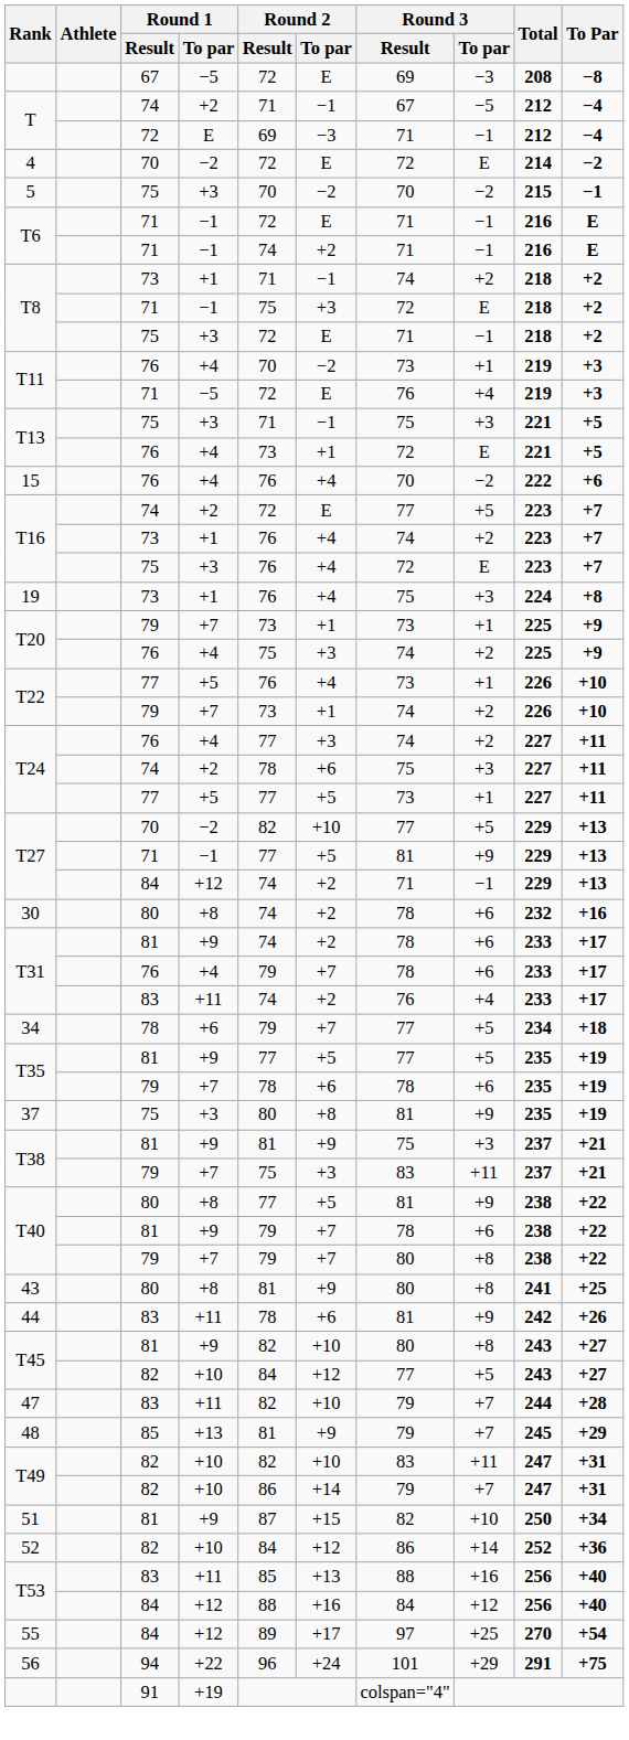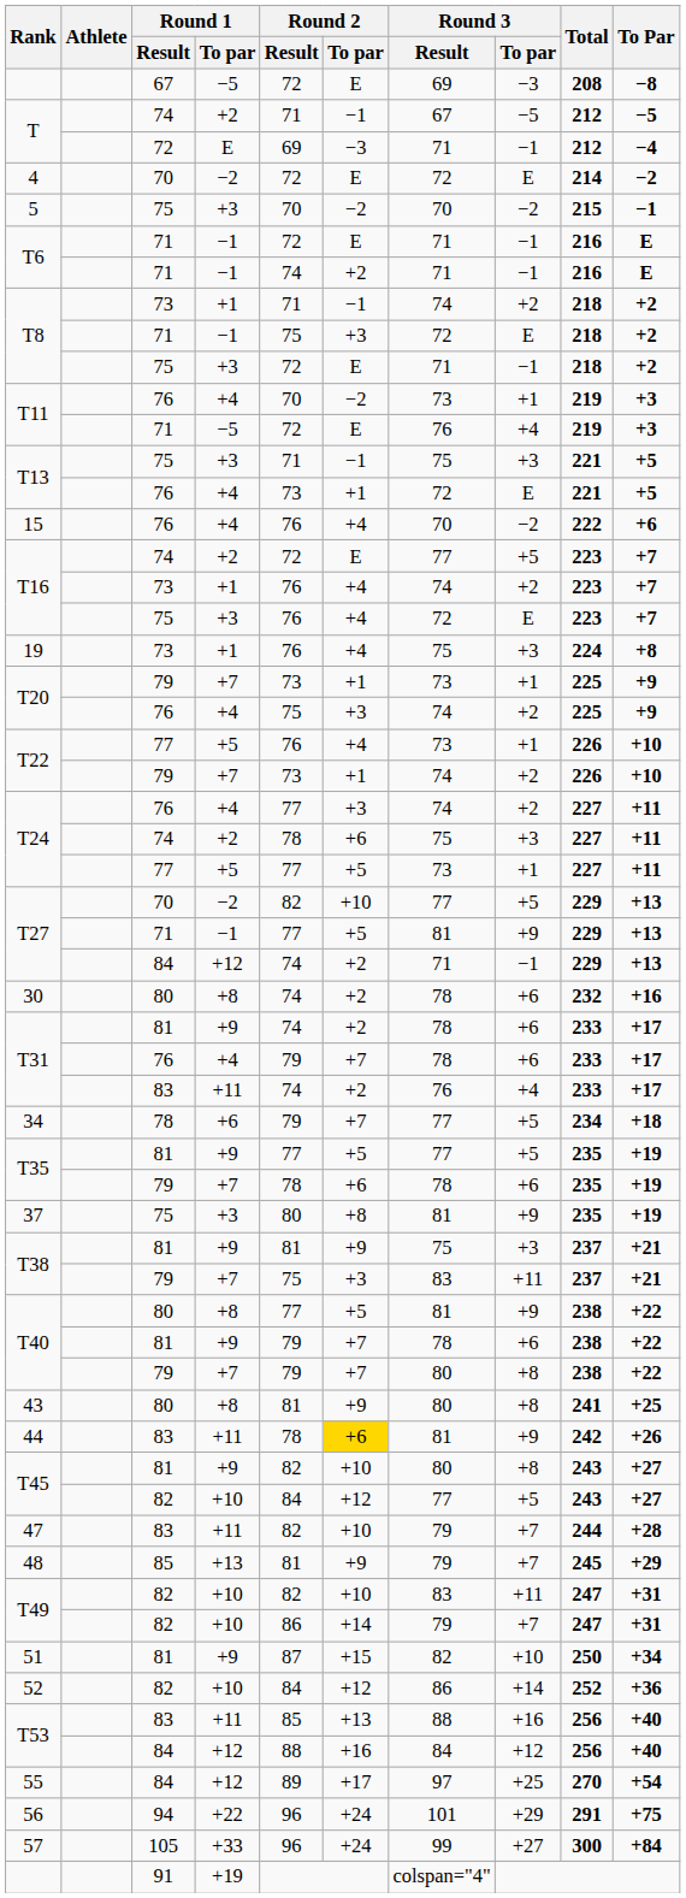 <table class="wikitable" style="text-align:center">
 <tr>
 <th rowspan="2">Rank</th>
 <th rowspan="2">Athlete</th>
 <th colspan="2">Round 1</th>
 <th colspan="2">Round 2</th>
 <th colspan="2">Round 3</th>
 <th rowspan="2">Total</th>
 <th rowspan="2">To Par</th>
 </tr>
 <tr>
 <th>Result</th>
 <th>To par</th>
 <th>Result</th>
 <th>To par</th>
 <th>Result</th>
 <th>To par</th>
 </tr>
 <tr>
 <td></td>
 <td align="left"></td>
 <td>67</td>
 <td>−5</td>
 <td>72</td>
 <td>E</td>
 <td>69</td>
 <td>−3</td>
 <td><strong>208</strong></td>
 <td><strong>−8</strong></td>
 </tr>
 <tr>
 <td rowspan="2">T</td>
 <td align="left"></td>
 <td>74</td>
 <td>+2</td>
 <td>71</td>
 <td>−1</td>
 <td>67</td>
 <td>−5</td>
 <td><strong>212</strong></td>
-<td><strong>−4</strong></td>
+<td><strong>−5</strong></td>
 </tr>
 <tr>
 <td align="left"></td>
 <td>72</td>
 <td>E</td>
 <td>69</td>
 <td>−3</td>
 <td>71</td>
 <td>−1</td>
 <td><strong>212</strong></td>
 <td><strong>−4</strong></td>
 </tr>
 <tr>
 <td>4</td>
 <td align="left"></td>
 <td>70</td>
 <td>−2</td>
 <td>72</td>
 <td>E</td>
 <td>72</td>
 <td>E</td>
 <td><strong>214</strong></td>
 <td><strong>−2</strong></td>
 </tr>
 <tr>
 <td>5</td>
 <td align="left"></td>
 <td>75</td>
 <td>+3</td>
 <td>70</td>
 <td>−2</td>
 <td>70</td>
 <td>−2</td>
 <td><strong>215</strong></td>
 <td><strong>−1</strong></td>
 </tr>
 <tr>
 <td rowspan="2">T6</td>
 <td align="left"></td>
 <td>71</td>
 <td>−1</td>
 <td>72</td>
 <td>E</td>
 <td>71</td>
 <td>−1</td>
 <td><strong>216</strong></td>
 <td><strong>E</strong></td>
 </tr>
 <tr>
 <td align="left"></td>
 <td>71</td>
 <td>−1</td>
 <td>74</td>
 <td>+2</td>
 <td>71</td>
 <td>−1</td>
 <td><strong>216</strong></td>
 <td><strong>E</strong></td>
 </tr>
 <tr>
 <td rowspan="3">T8</td>
 <td align="left"></td>
 <td>73</td>
 <td>+1</td>
 <td>71</td>
 <td>−1</td>
 <td>74</td>
 <td>+2</td>
 <td><strong>218</strong></td>
 <td><strong>+2</strong></td>
 </tr>
 <tr>
 <td align="left"></td>
 <td>71</td>
 <td>−1</td>
 <td>75</td>
 <td>+3</td>
 <td>72</td>
 <td>E</td>
 <td><strong>218</strong></td>
 <td><strong>+2</strong></td>
 </tr>
 <tr>
 <td align="left"></td>
 <td>75</td>
 <td>+3</td>
 <td>72</td>
 <td>E</td>
 <td>71</td>
 <td>−1</td>
 <td><strong>218</strong></td>
 <td><strong>+2</strong></td>
 </tr>
 <tr>
 <td rowspan="2">T11</td>
 <td align="left"></td>
 <td>76</td>
 <td>+4</td>
 <td>70</td>
 <td>−2</td>
 <td>73</td>
 <td>+1</td>
 <td><strong>219</strong></td>
 <td><strong>+3</strong></td>
 </tr>
 <tr>
 <td align="left"></td>
 <td>71</td>
 <td>−5</td>
 <td>72</td>
 <td>E</td>
 <td>76</td>
 <td>+4</td>
 <td><strong>219</strong></td>
 <td><strong>+3</strong></td>
 </tr>
 <tr>
 <td rowspan="2">T13</td>
 <td align="left"></td>
 <td>75</td>
 <td>+3</td>
 <td>71</td>
 <td>−1</td>
 <td>75</td>
 <td>+3</td>
 <td><strong>221</strong></td>
 <td><strong>+5</strong></td>
 </tr>
 <tr>
 <td align="left"></td>
 <td>76</td>
 <td>+4</td>
 <td>73</td>
 <td>+1</td>
 <td>72</td>
 <td>E</td>
 <td><strong>221</strong></td>
 <td><strong>+5</strong></td>
 </tr>
 <tr>
 <td>15</td>
 <td align="left"></td>
 <td>76</td>
 <td>+4</td>
 <td>76</td>
 <td>+4</td>
 <td>70</td>
 <td>−2</td>
 <td><strong>222</strong></td>
 <td><strong>+6</strong></td>
 </tr>
 <tr>
 <td rowspan="3">T16</td>
 <td align="left"></td>
 <td>74</td>
 <td>+2</td>
 <td>72</td>
 <td>E</td>
 <td>77</td>
 <td>+5</td>
 <td><strong>223</strong></td>
 <td><strong>+7</strong></td>
 </tr>
 <tr>
 <td align="left"></td>
 <td>73</td>
 <td>+1</td>
 <td>76</td>
 <td>+4</td>
 <td>74</td>
 <td>+2</td>
 <td><strong>223</strong></td>
 <td><strong>+7</strong></td>
 </tr>
 <tr>
 <td align="left"></td>
 <td>75</td>
 <td>+3</td>
 <td>76</td>
 <td>+4</td>
 <td>72</td>
 <td>E</td>
 <td><strong>223</strong></td>
 <td><strong>+7</strong></td>
 </tr>
 <tr>
 <td>19</td>
 <td align="left"></td>
 <td>73</td>
 <td>+1</td>
 <td>76</td>
 <td>+4</td>
 <td>75</td>
 <td>+3</td>
 <td><strong>224</strong></td>
 <td><strong>+8</strong></td>
 </tr>
 <tr>
 <td rowspan="2">T20</td>
 <td align="left"></td>
 <td>79</td>
 <td>+7</td>
 <td>73</td>
 <td>+1</td>
 <td>73</td>
 <td>+1</td>
 <td><strong>225</strong></td>
 <td><strong>+9</strong></td>
 </tr>
 <tr>
 <td align="left"></td>
 <td>76</td>
 <td>+4</td>
 <td>75</td>
 <td>+3</td>
 <td>74</td>
 <td>+2</td>
 <td><strong>225</strong></td>
 <td><strong>+9</strong></td>
 </tr>
 <tr>
 <td rowspan="2">T22</td>
 <td align="left"></td>
 <td>77</td>
 <td>+5</td>
 <td>76</td>
 <td>+4</td>
 <td>73</td>
 <td>+1</td>
 <td><strong>226</strong></td>
 <td><strong>+10</strong></td>
 </tr>
 <tr>
 <td align="left"></td>
 <td>79</td>
 <td>+7</td>
 <td>73</td>
 <td>+1</td>
 <td>74</td>
 <td>+2</td>
 <td><strong>226</strong></td>
 <td><strong>+10</strong></td>
 </tr>
 <tr>
 <td rowspan="3">T24</td>
 <td align="left"></td>
 <td>76</td>
 <td>+4</td>
 <td>77</td>
 <td>+3</td>
 <td>74</td>
 <td>+2</td>
 <td><strong>227</strong></td>
 <td><strong>+11</strong></td>
 </tr>
 <tr>
 <td align="left"></td>
 <td>74</td>
 <td>+2</td>
 <td>78</td>
 <td>+6</td>
 <td>75</td>
 <td>+3</td>
 <td><strong>227</strong></td>
 <td><strong>+11</strong></td>
 </tr>
 <tr>
 <td align="left"></td>
 <td>77</td>
 <td>+5</td>
 <td>77</td>
 <td>+5</td>
 <td>73</td>
 <td>+1</td>
 <td><strong>227</strong></td>
 <td><strong>+11</strong></td>
 </tr>
 <tr>
 <td rowspan="3">T27</td>
 <td align="left"></td>
 <td>70</td>
 <td>−2</td>
 <td>82</td>
 <td>+10</td>
 <td>77</td>
 <td>+5</td>
 <td><strong>229</strong></td>
 <td><strong>+13</strong></td>
 </tr>
 <tr>
 <td align="left"></td>
 <td>71</td>
 <td>−1</td>
 <td>77</td>
 <td>+5</td>
 <td>81</td>
 <td>+9</td>
 <td><strong>229</strong></td>
 <td><strong>+13</strong></td>
 </tr>
 <tr>
 <td align="left"></td>
 <td>84</td>
 <td>+12</td>
 <td>74</td>
 <td>+2</td>
 <td>71</td>
 <td>−1</td>
 <td><strong>229</strong></td>
 <td><strong>+13</strong></td>
 </tr>
 <tr>
 <td>30</td>
 <td align="left"></td>
 <td>80</td>
 <td>+8</td>
 <td>74</td>
 <td>+2</td>
 <td>78</td>
 <td>+6</td>
 <td><strong>232</strong></td>
 <td><strong>+16</strong></td>
 </tr>
 <tr>
 <td rowspan="3">T31</td>
 <td align="left"></td>
 <td>81</td>
 <td>+9</td>
 <td>74</td>
 <td>+2</td>
 <td>78</td>
 <td>+6</td>
 <td><strong>233</strong></td>
 <td><strong>+17</strong></td>
 </tr>
 <tr>
 <td align="left"></td>
 <td>76</td>
 <td>+4</td>
 <td>79</td>
 <td>+7</td>
 <td>78</td>
 <td>+6</td>
 <td><strong>233</strong></td>
 <td><strong>+17</strong></td>
 </tr>
 <tr>
 <td align="left"></td>
 <td>83</td>
 <td>+11</td>
 <td>74</td>
 <td>+2</td>
 <td>76</td>
 <td>+4</td>
 <td><strong>233</strong></td>
 <td><strong>+17</strong></td>
 </tr>
 <tr>
 <td>34</td>
 <td align="left"></td>
 <td>78</td>
 <td>+6</td>
 <td>79</td>
 <td>+7</td>
 <td>77</td>
 <td>+5</td>
 <td><strong>234</strong></td>
 <td><strong>+18</strong></td>
 </tr>
 <tr>
 <td rowspan="2">T35</td>
 <td align="left"></td>
 <td>81</td>
 <td>+9</td>
 <td>77</td>
 <td>+5</td>
 <td>77</td>
 <td>+5</td>
 <td><strong>235</strong></td>
 <td><strong>+19</strong></td>
 </tr>
 <tr>
 <td align="left"></td>
 <td>79</td>
 <td>+7</td>
 <td>78</td>
 <td>+6</td>
 <td>78</td>
 <td>+6</td>
 <td><strong>235</strong></td>
 <td><strong>+19</strong></td>
 </tr>
 <tr>
 <td>37</td>
 <td align="left"></td>
 <td>75</td>
 <td>+3</td>
 <td>80</td>
 <td>+8</td>
 <td>81</td>
 <td>+9</td>
 <td><strong>235</strong></td>
 <td><strong>+19</strong></td>
 </tr>
 <tr>
 <td rowspan="2">T38</td>
 <td align="left"></td>
 <td>81</td>
 <td>+9</td>
 <td>81</td>
 <td>+9</td>
 <td>75</td>
 <td>+3</td>
 <td><strong>237</strong></td>
 <td><strong>+21</strong></td>
 </tr>
 <tr>
 <td align="left"></td>
 <td>79</td>
 <td>+7</td>
 <td>75</td>
 <td>+3</td>
 <td>83</td>
 <td>+11</td>
 <td><strong>237</strong></td>
 <td><strong>+21</strong></td>
 </tr>
 <tr>
 <td rowspan="3">T40</td>
 <td align="left"></td>
 <td>80</td>
 <td>+8</td>
 <td>77</td>
 <td>+5</td>
 <td>81</td>
 <td>+9</td>
 <td><strong>238</strong></td>
 <td><strong>+22</strong></td>
 </tr>
 <tr>
 <td align="left"></td>
 <td>81</td>
 <td>+9</td>
 <td>79</td>
 <td>+7</td>
 <td>78</td>
 <td>+6</td>
 <td><strong>238</strong></td>
 <td><strong>+22</strong></td>
 </tr>
 <tr>
 <td align="left"></td>
 <td>79</td>
 <td>+7</td>
 <td>79</td>
 <td>+7</td>
 <td>80</td>
 <td>+8</td>
 <td><strong>238</strong></td>
 <td><strong>+22</strong></td>
 </tr>
 <tr>
 <td>43</td>
 <td align="left"></td>
 <td>80</td>
 <td>+8</td>
 <td>81</td>
 <td>+9</td>
 <td>80</td>
 <td>+8</td>
 <td><strong>241</strong></td>
 <td><strong>+25</strong></td>
 </tr>
 <tr>
 <td>44</td>
 <td align="left"></td>
 <td>83</td>
 <td>+11</td>
 <td>78</td>
-<td>+6</td>
+<td style="background: gold;">+6</td>
 <td>81</td>
 <td>+9</td>
 <td><strong>242</strong></td>
 <td><strong>+26</strong></td>
 </tr>
 <tr>
 <td rowspan="2">T45</td>
 <td align="left"></td>
 <td>81</td>
 <td>+9</td>
 <td>82</td>
 <td>+10</td>
 <td>80</td>
 <td>+8</td>
 <td><strong>243</strong></td>
 <td><strong>+27</strong></td>
 </tr>
 <tr>
 <td align="left"></td>
 <td>82</td>
 <td>+10</td>
 <td>84</td>
 <td>+12</td>
 <td>77</td>
 <td>+5</td>
 <td><strong>243</strong></td>
 <td><strong>+27</strong></td>
 </tr>
 <tr>
 <td>47</td>
 <td align="left"></td>
 <td>83</td>
 <td>+11</td>
 <td>82</td>
 <td>+10</td>
 <td>79</td>
 <td>+7</td>
 <td><strong>244</strong></td>
 <td><strong>+28</strong></td>
 </tr>
 <tr>
 <td>48</td>
 <td align="left"></td>
 <td>85</td>
 <td>+13</td>
 <td>81</td>
 <td>+9</td>
 <td>79</td>
 <td>+7</td>
 <td><strong>245</strong></td>
 <td><strong>+29</strong></td>
 </tr>
 <tr>
 <td rowspan="2">T49</td>
 <td align="left"></td>
 <td>82</td>
 <td>+10</td>
 <td>82</td>
 <td>+10</td>
 <td>83</td>
 <td>+11</td>
 <td><strong>247</strong></td>
 <td><strong>+31</strong></td>
 </tr>
 <tr>
 <td align="left"></td>
 <td>82</td>
 <td>+10</td>
 <td>86</td>
 <td>+14</td>
 <td>79</td>
 <td>+7</td>
 <td><strong>247</strong></td>
 <td><strong>+31</strong></td>
 </tr>
 <tr>
 <td>51</td>
 <td align="left"></td>
 <td>81</td>
 <td>+9</td>
 <td>87</td>
 <td>+15</td>
 <td>82</td>
 <td>+10</td>
 <td><strong>250</strong></td>
 <td><strong>+34</strong></td>
 </tr>
 <tr>
 <td>52</td>
 <td align="left"></td>
 <td>82</td>
 <td>+10</td>
 <td>84</td>
 <td>+12</td>
 <td>86</td>
 <td>+14</td>
 <td><strong>252</strong></td>
 <td><strong>+36</strong></td>
 </tr>
 <tr>
 <td rowspan="2">T53</td>
 <td align="left"></td>
 <td>83</td>
 <td>+11</td>
 <td>85</td>
 <td>+13</td>
 <td>88</td>
 <td>+16</td>
 <td><strong>256</strong></td>
 <td><strong>+40</strong></td>
 </tr>
 <tr>
 <td align="left"></td>
 <td>84</td>
 <td>+12</td>
 <td>88</td>
 <td>+16</td>
 <td>84</td>
 <td>+12</td>
 <td><strong>256</strong></td>
 <td><strong>+40</strong></td>
 </tr>
 <tr>
 <td>55</td>
 <td align="left"></td>
 <td>84</td>
 <td>+12</td>
 <td>89</td>
 <td>+17</td>
 <td>97</td>
 <td>+25</td>
 <td><strong>270</strong></td>
 <td><strong>+54</strong></td>
 </tr>
 <tr>
 <td>56</td>
 <td align="left"></td>
 <td>94</td>
 <td>+22</td>
 <td>96</td>
 <td>+24</td>
 <td>101</td>
 <td>+29</td>
 <td><strong>291</strong></td>
 <td><strong>+75</strong></td>
 </tr>
 <tr>
+<td>57</td>
+<td align="left"></td>
+<td>105</td>
+<td>+33</td>
+<td>96</td>
+<td>+24</td>
+<td>99</td>
+<td>+27</td>
+<td><strong>300</strong></td>
+<td><strong>+84</strong></td>
+</tr>
+<tr>
 <td></td>
 <td align="left"></td>
 <td>91</td>
 <td>+19</td>
 <td colspan="2"><strong></strong></td>
 <td>colspan="4" </td>
 </tr>
 </table>
